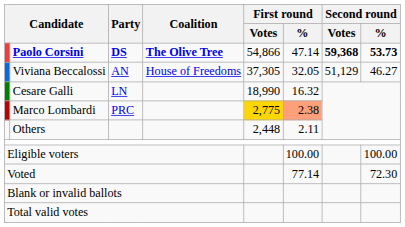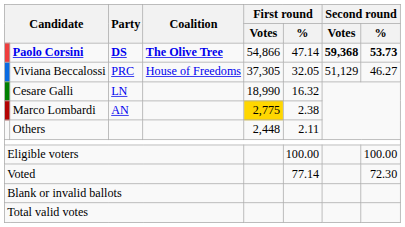 <table class="wikitable centre">
 <tr>
 <th scope="col" rowspan=2 colspan=2>Candidate</th>
 <th scope="col" rowspan=2 colspan=1>Party</th>
 <th scope="col" rowspan=2 colspan=1>Coalition</th>
 <th scope="col" colspan=2>First round</th>
 <th scope="col" colspan=2>Second round</th>
 </tr>
 <tr>
 <th scope="col">Votes</th>
 <th scope="col">%</th>
 <th scope="col">Votes</th>
 <th scope="col">%</th>
 </tr>
 <tr>
 <td bgcolor="#EF3E3E"></td>
 <td><strong><a href='#'>Paolo Corsini</a></strong></td>
 <td><strong><a href='#'>DS</a></strong></td>
 <td><strong><a href='#'>The Olive Tree</a></strong></td>
 <td style="text-align: right">54,866</td>
 <td style="text-align: right">47.14</td>
 <td style="text-align: right"><strong>59,368</strong></td>
 <td style="text-align: right"><strong>53.73</strong></td>
 </tr>
 <tr>
 <td bgcolor="#0A6BE1"></td>
 <td>Viviana Beccalossi</td>
-<td><a href='#'>AN</a></td>
+<td><a href='#'>PRC</a></td>
 <td><a href='#'>House of Freedoms</a></td>
 <td style="text-align: right">37,305</td>
 <td style="text-align: right">32.05</td>
 <td style="text-align: right">51,129</td>
 <td style="text-align: right">46.27</td>
 </tr>
 <tr>
 <td bgcolor="#008000"></td>
 <td>Cesare Galli</td>
 <td><a href='#'>LN</a></td>
 <td></td>
 <td style="text-align: right">18,990</td>
 <td style="text-align: right">16.32</td>
 </tr>
 <tr>
 <td bgcolor="#B40404"></td>
 <td>Marco Lombardi</td>
-<td><a href='#'>PRC</a></td>
+<td><a href='#'>AN</a></td>
 <td></td>
 <td style="background: gold; text-align: right">2,775</td>
-<td style="background: lightsalmon; text-align: right">2.38</td>
+<td style="text-align: right">2.38</td>
 </tr>
 <tr>
 <td bgcolor=""></td>
 <td>Others</td>
 <td></td>
 <td></td>
 <td style="text-align: right">2,448</td>
 <td style="text-align: right">2.11</td>
 </tr>
 <tr bgcolor=white>
 <td colspan=8></td>
 </tr>
 <tr>
 <td colspan=4>Eligible voters</td>
 <td style="text-align: right"></td>
 <td style="text-align: right">100.00</td>
 <td style="text-align: right"></td>
 <td style="text-align: right">100.00</td>
 </tr>
 <tr>
 <td colspan=4>Voted</td>
 <td style="text-align: right"></td>
 <td style="text-align: right">77.14</td>
 <td style="text-align: right"></td>
 <td style="text-align: right">72.30</td>
 </tr>
 <tr>
 <td colspan=4>Blank or invalid ballots</td>
 <td style="text-align: right"></td>
 <td style="text-align: right"></td>
 <td style="text-align: right"></td>
 <td style="text-align: right"></td>
 </tr>
 <tr>
 <td colspan=4>Total valid votes</td>
 <td style="text-align: right"></td>
 <td style="text-align: right"></td>
 <td style="text-align: right"></td>
 <td style="text-align: right"></td>
 </tr>
 </table>
